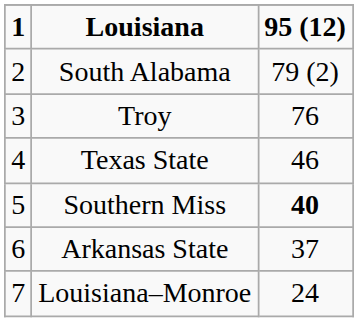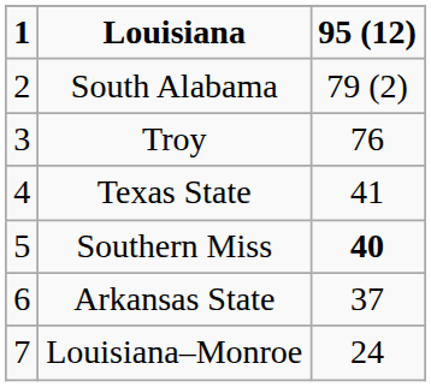 <table class="wikitable" style="display: inline-table;">
 <tr align="center">
 </tr>
 <tr align="center">
 <td><strong>1</strong></td>
 <td><strong>Louisiana</strong></td>
 <td><strong>95 (12)</strong></td>
 </tr>
 <tr align="center">
 <td>2</td>
 <td>South Alabama</td>
 <td>79 (2)</td>
 </tr>
 <tr align="center">
 <td>3</td>
 <td>Troy</td>
 <td>76</td>
 </tr>
 <tr align="center">
 <td>4</td>
 <td>Texas State</td>
-<td>46</td>
+<td>41</td>
 </tr>
 <tr align="center">
 <td>5</td>
 <td>Southern Miss</td>
 <td><strong>40</strong></td>
 </tr>
 <tr align="center">
 <td>6</td>
 <td>Arkansas State</td>
 <td>37</td>
 </tr>
 <tr align="center">
 <td>7</td>
 <td>Louisiana–Monroe</td>
 <td>24</td>
 </tr>
 </table>
